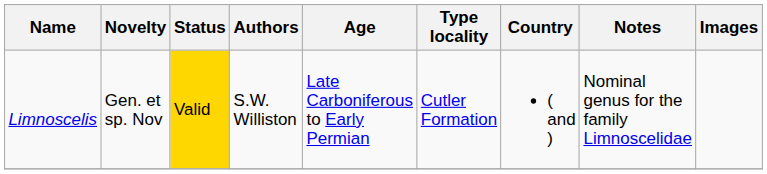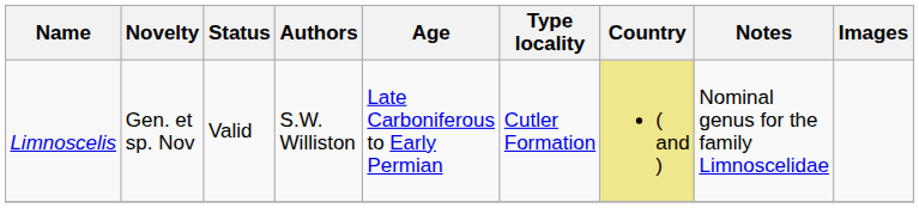 <table class="wikitable sortable" align="center" width="100%">
 <tr>
 <th>Name</th>
 <th>Novelty</th>
 <th>Status</th>
 <th>Authors</th>
 <th>Age</th>
 <th>Type locality</th>
 <th>Country</th>
 <th>Notes</th>
 <th>Images</th>
 </tr>
 <tr>
 <td><br><em><a href='#'>Limnoscelis</a></em></td>
 <td>Gen. et sp. Nov</td>
-<td style="background: gold;">Valid</td>
+<td>Valid</td>
 <td>S.W. Williston</td>
 <td><a href='#'>Late Carboniferous</a> to <a href='#'>Early Permian</a></td>
 <td><a href='#'>Cutler Formation</a></td>
-<td><br><ul><li> ( and )</li></ul></td>
+<td style="background: khaki;"><br><ul><li> ( and )</li></ul></td>
 <td>Nominal genus for the family <a href='#'>Limnoscelidae</a></td>
 <td><br></td>
 </tr>
 <tr>
 </tr>
 </table>
